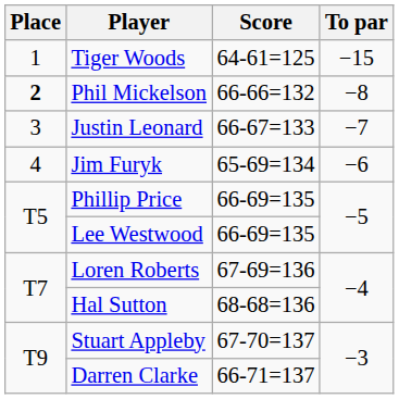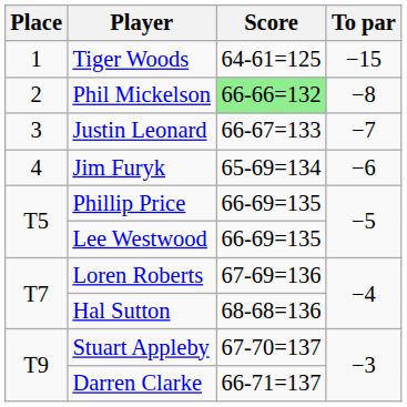 <table class="wikitable">
 <tr>
 <th>Place</th>
 <th>Player</th>
 <th>Score</th>
 <th>To par</th>
 </tr>
 <tr>
 <td align=center>1</td>
 <td> <a href='#'>Tiger Woods</a></td>
 <td align=center>64-61=125</td>
 <td align=center>−15</td>
 </tr>
 <tr>
-<td align=center><strong>2</strong></td>
+<td align=center>2</td>
 <td> <a href='#'>Phil Mickelson</a></td>
-<td align=center>66-66=132</td>
+<td align=center style="background: lightgreen;">66-66=132</td>
 <td align=center>−8</td>
 </tr>
 <tr>
 <td align=center>3</td>
 <td> <a href='#'>Justin Leonard</a></td>
 <td align=center>66-67=133</td>
 <td align=center>−7</td>
 </tr>
 <tr>
 <td align=center>4</td>
 <td> <a href='#'>Jim Furyk</a></td>
 <td align=center>65-69=134</td>
 <td align=center>−6</td>
 </tr>
 <tr>
 <td rowspan="2" align=center>T5</td>
 <td> <a href='#'>Phillip Price</a></td>
 <td align=center>66-69=135</td>
 <td rowspan="2" align=center>−5</td>
 </tr>
 <tr>
 <td> <a href='#'>Lee Westwood</a></td>
 <td align=center>66-69=135</td>
 </tr>
 <tr>
 <td rowspan="2" align=center>T7</td>
 <td> <a href='#'>Loren Roberts</a></td>
 <td align=center>67-69=136</td>
 <td rowspan="2" align=center>−4</td>
 </tr>
 <tr>
 <td> <a href='#'>Hal Sutton</a></td>
 <td align=center>68-68=136</td>
 </tr>
 <tr>
 <td rowspan="2" align=center>T9</td>
 <td> <a href='#'>Stuart Appleby</a></td>
 <td align=center>67-70=137</td>
 <td rowspan="2" align=center>−3</td>
 </tr>
 <tr>
 <td> <a href='#'>Darren Clarke</a></td>
 <td align=center>66-71=137</td>
 </tr>
 </table>
